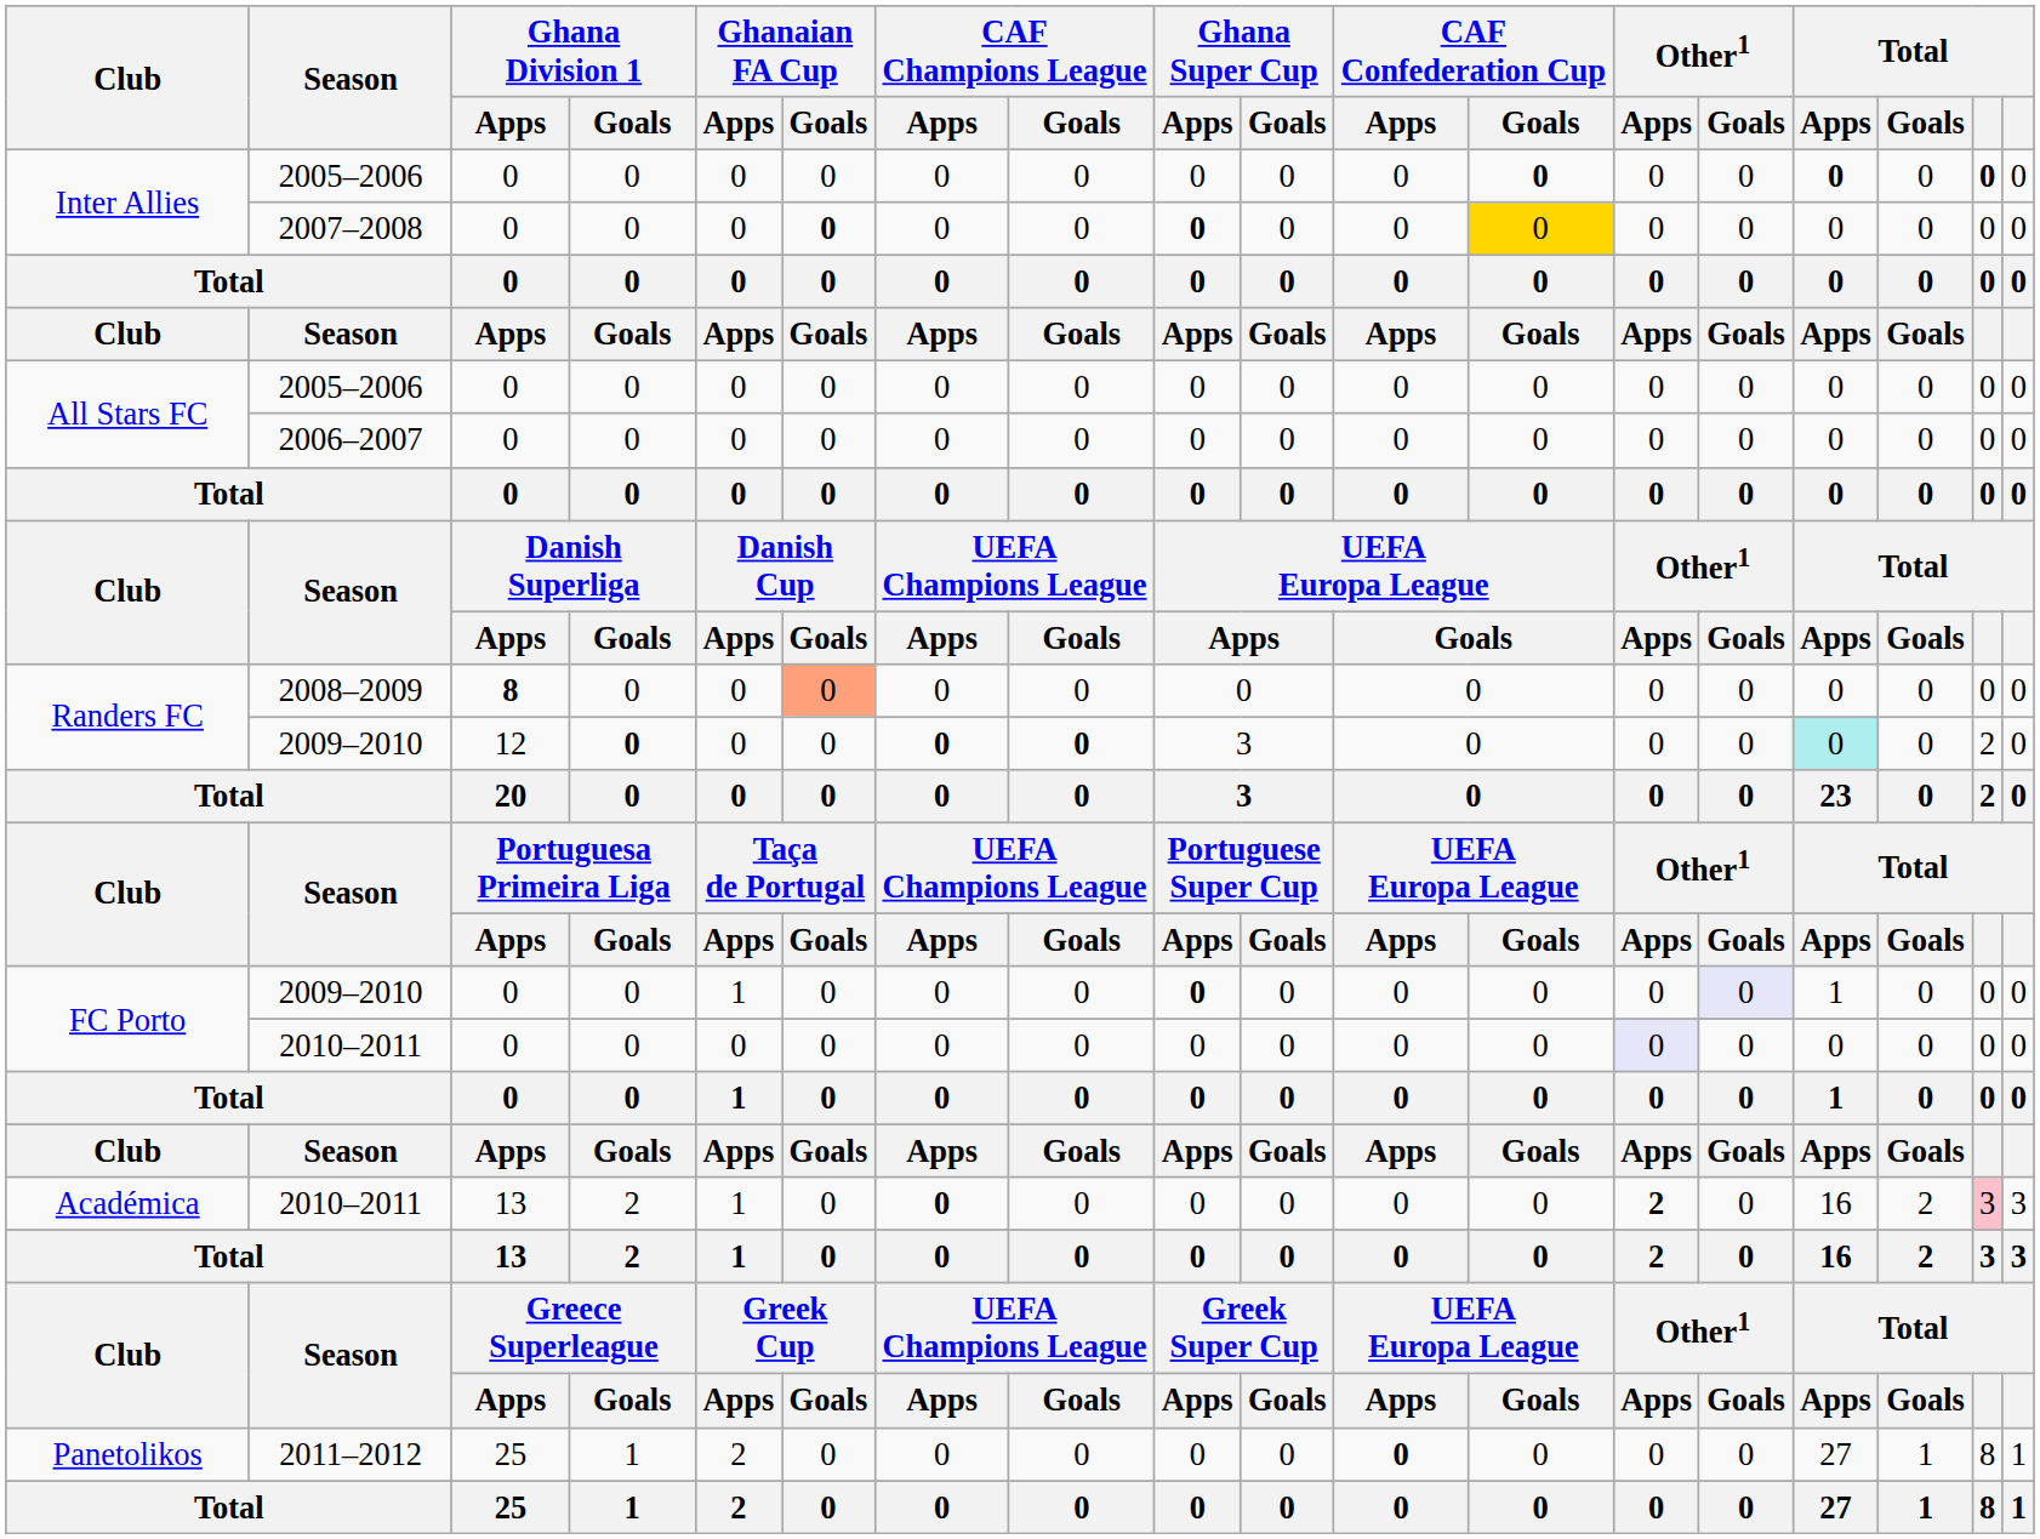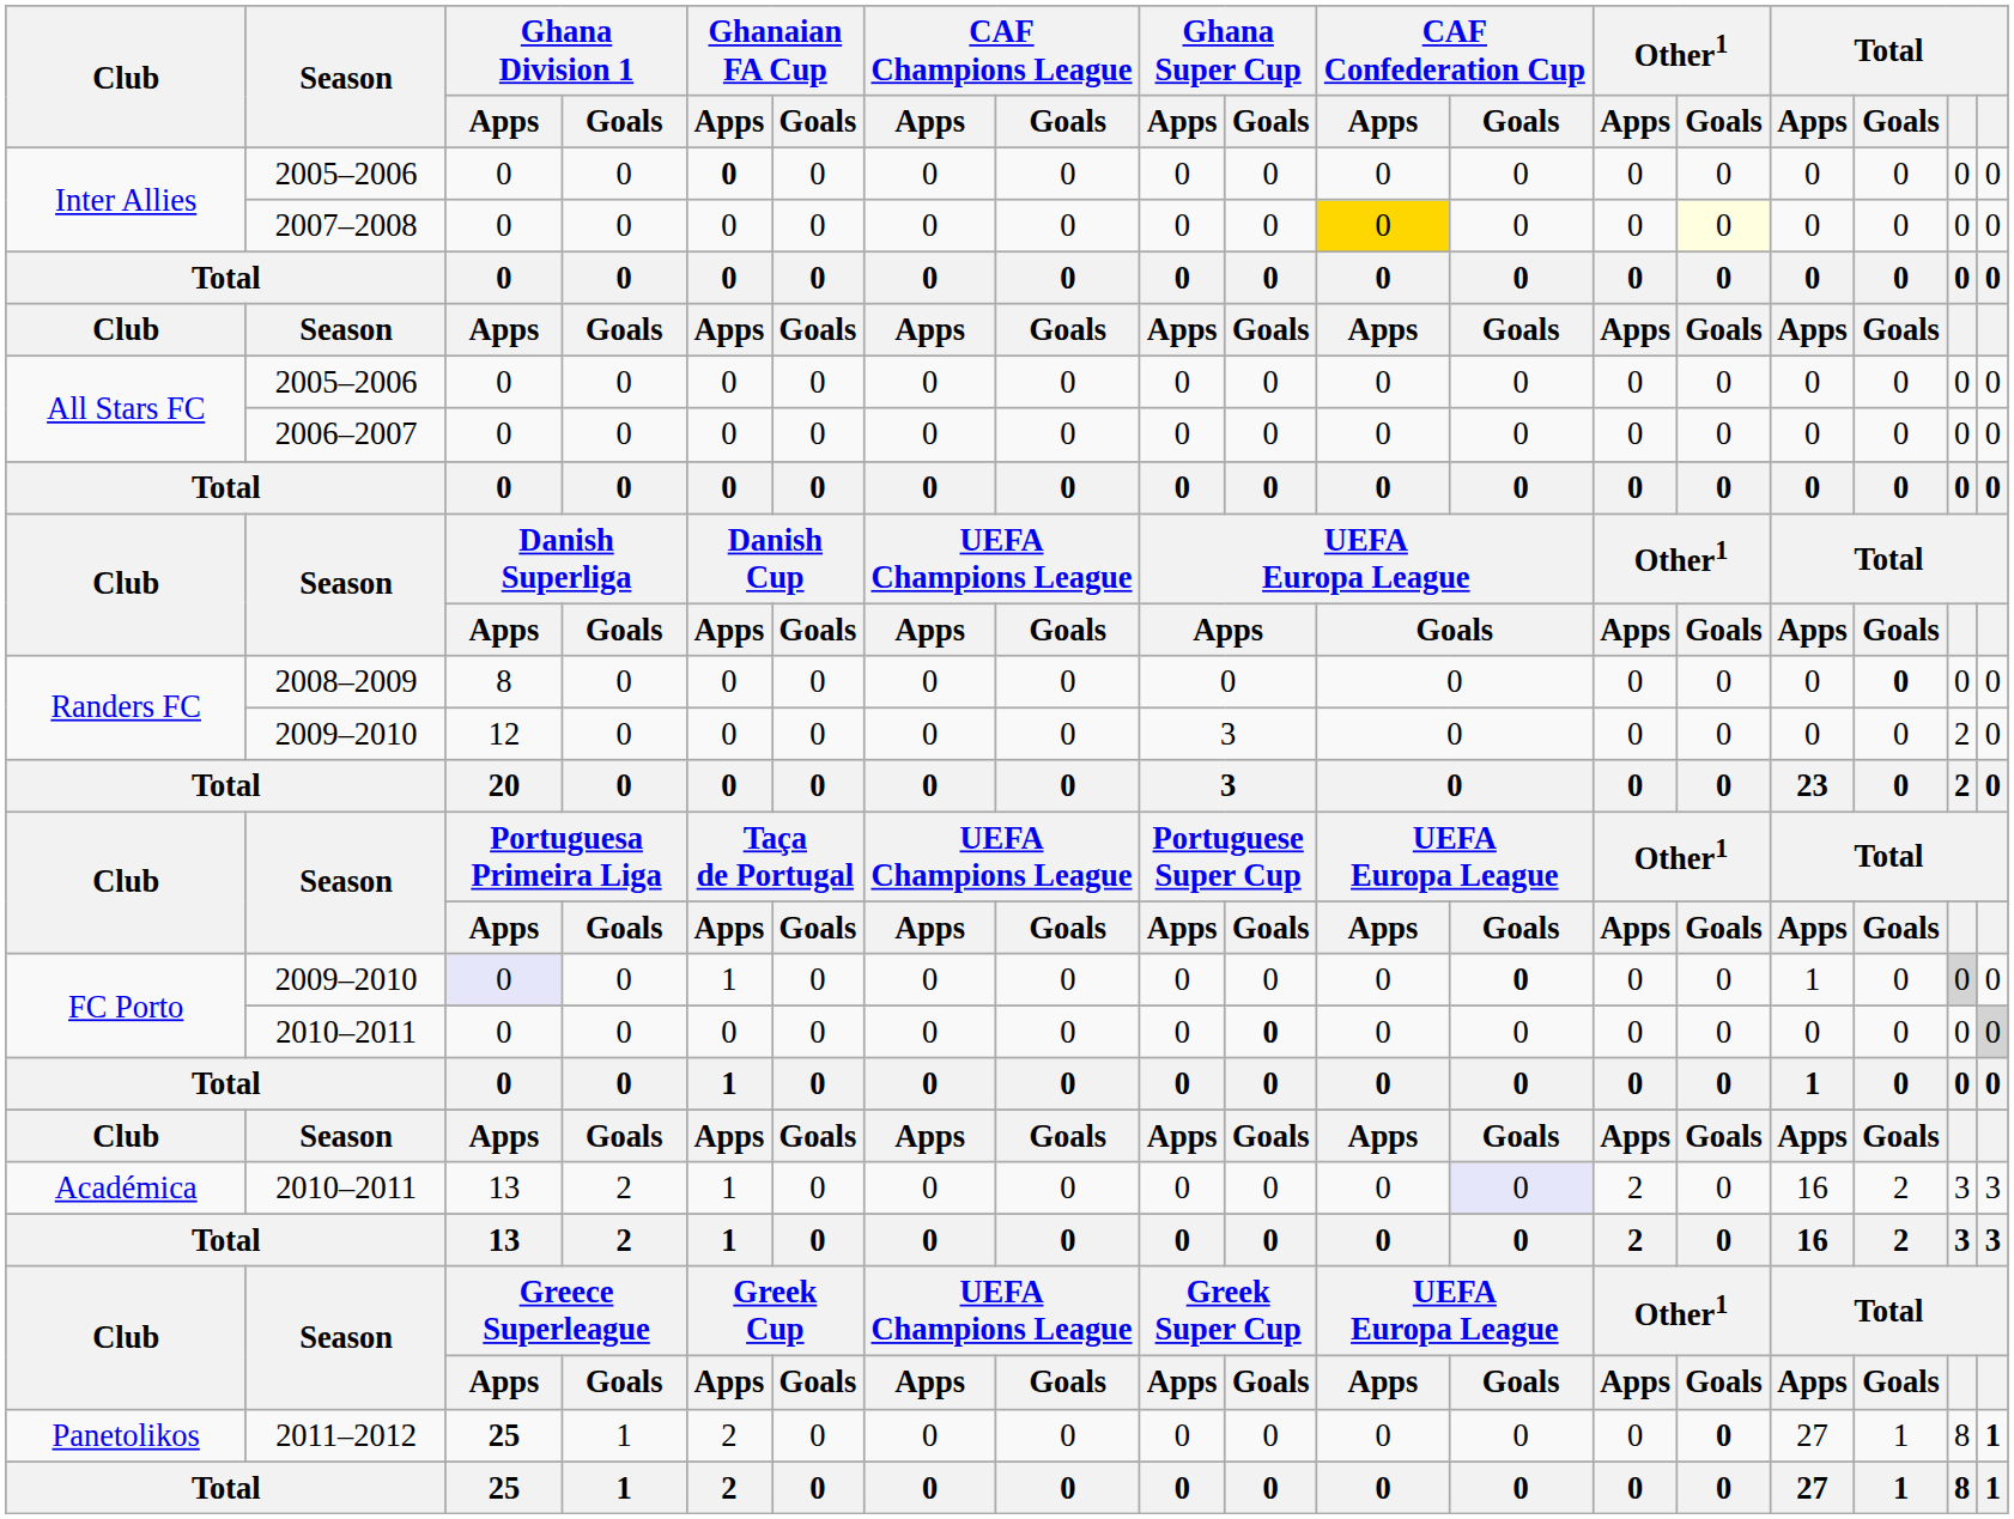 <table class="wikitable" style="font-size:95%; text-align: center;">
 <tr>
 <th rowspan="2" width=12%>Club</th>
 <th rowspan="2" width=10%>Season</th>
 <th colspan="2" width=12%><a href='#'>Ghana<br>Division 1</a></th>
 <th colspan="2"><a href='#'>Ghanaian<br> FA Cup</a></th>
 <th colspan="2"><a href='#'>CAF<br> Champions League</a></th>
 <th colspan="2"><a href='#'>Ghana<br> Super Cup</a></th>
 <th colspan="2"><a href='#'>CAF<br> Confederation Cup</a></th>
 <th colspan="2">Other<sup><span>1</span></sup></th>
 <th colspan="4">Total</th>
 </tr>
 <tr>
 <th>Apps</th>
 <th>Goals</th>
 <th>Apps</th>
 <th>Goals</th>
 <th>Apps</th>
 <th>Goals</th>
 <th>Apps</th>
 <th>Goals</th>
 <th>Apps</th>
 <th>Goals</th>
 <th>Apps</th>
 <th>Goals</th>
 <th>Apps</th>
 <th>Goals</th>
 <th></th>
 <th></th>
 </tr>
 <tr>
 <td rowspan="2" valign="center"> <a href='#'>Inter Allies</a></td>
 <td>2005–2006</td>
 <td>0</td>
 <td>0</td>
+<td><strong>0</strong></td>
 <td>0</td>
 <td>0</td>
 <td>0</td>
 <td>0</td>
 <td>0</td>
 <td>0</td>
 <td>0</td>
-<td><strong>0</strong></td>
 <td>0</td>
 <td>0</td>
-<td><strong>0</strong></td>
 <td>0</td>
-<td><strong>0</strong></td>
+<td>0</td>
+<td>0</td>
 <td>0</td>
 </tr>
 <tr>
 <td>2007–2008</td>
 <td>0</td>
 <td>0</td>
 <td>0</td>
-<td><strong>0</strong></td>
 <td>0</td>
 <td>0</td>
-<td><strong>0</strong></td>
+<td>0</td>
 <td>0</td>
 <td>0</td>
 <td style="background: gold;">0</td>
 <td>0</td>
 <td>0</td>
+<td style="background: lightyellow;">0</td>
 <td>0</td>
 <td>0</td>
 <td>0</td>
 <td>0</td>
 </tr>
 <tr>
 <th colspan="2">Total</th>
 <th>0</th>
 <th>0</th>
 <th>0</th>
 <th>0</th>
 <th>0</th>
 <th>0</th>
 <th>0</th>
 <th>0</th>
 <th>0</th>
 <th>0</th>
 <th>0</th>
 <th>0</th>
 <th>0</th>
 <th>0</th>
 <th>0</th>
 <th>0</th>
 </tr>
 <tr>
 <th rowspan="1">Club</th>
 <th rowspan="1">Season</th>
 <th colspan="1">Apps</th>
 <th colspan="1">Goals</th>
 <th colspan="1">Apps</th>
 <th colspan="1">Goals</th>
 <th colspan="1">Apps</th>
 <th colspan="1">Goals</th>
 <th colspan="1">Apps</th>
 <th colspan="1">Goals</th>
 <th colspan="1">Apps</th>
 <th colspan="1">Goals</th>
 <th colspan="1">Apps</th>
 <th colspan="1">Goals</th>
 <th colspan="1">Apps</th>
 <th colspan="1">Goals</th>
 <th colspan="1"></th>
 <th></th>
 </tr>
 <tr>
 <td rowspan="2" valign="center"> <a href='#'>All Stars FC</a></td>
 <td>2005–2006</td>
 <td>0</td>
 <td>0</td>
 <td>0</td>
 <td>0</td>
 <td>0</td>
 <td>0</td>
 <td>0</td>
 <td>0</td>
 <td>0</td>
 <td>0</td>
 <td>0</td>
 <td>0</td>
 <td>0</td>
 <td>0</td>
 <td>0</td>
 <td>0</td>
 </tr>
 <tr>
 <td>2006–2007</td>
 <td>0</td>
 <td>0</td>
 <td>0</td>
 <td>0</td>
 <td>0</td>
 <td>0</td>
 <td>0</td>
 <td>0</td>
 <td>0</td>
 <td>0</td>
 <td>0</td>
 <td>0</td>
 <td>0</td>
 <td>0</td>
 <td>0</td>
 <td>0</td>
 </tr>
 <tr>
 <th colspan="2">Total</th>
 <th>0</th>
 <th>0</th>
 <th>0</th>
 <th>0</th>
 <th>0</th>
 <th>0</th>
 <th>0</th>
 <th>0</th>
 <th>0</th>
 <th>0</th>
 <th>0</th>
 <th>0</th>
 <th>0</th>
 <th>0</th>
 <th>0</th>
 <th>0</th>
 </tr>
 <tr>
 <th rowspan="2">Club</th>
 <th rowspan="2">Season</th>
 <th colspan="2"><a href='#'>Danish<br> Superliga</a></th>
 <th colspan="2"><a href='#'>Danish<br> Cup</a></th>
 <th colspan="2"><a href='#'>UEFA<br> Champions League</a></th>
 <th colspan="4"><a href='#'>UEFA<br> Europa League</a></th>
 <th colspan="2">Other<sup><span>1</span></sup></th>
 <th colspan="4">Total</th>
 </tr>
 <tr>
 <th colspan="1">Apps</th>
 <th colspan="1">Goals</th>
 <th colspan="1">Apps</th>
 <th colspan="1">Goals</th>
 <th colspan="1">Apps</th>
 <th colspan="1">Goals</th>
 <th colspan="2">Apps</th>
 <th colspan="2">Goals</th>
 <th colspan="1">Apps</th>
 <th colspan="1">Goals</th>
 <th colspan="1">Apps</th>
 <th colspan="1">Goals</th>
 <th colspan="1"></th>
 <th></th>
 </tr>
 <tr>
 <td rowspan="2" valign="center"> <a href='#'>Randers FC</a></td>
 <td>2008–2009</td>
-<td><strong>8</strong></td>
+<td>8</td>
 <td>0</td>
 <td>0</td>
-<td style="background: lightsalmon;">0</td>
+<td>0</td>
 <td>0</td>
 <td>0</td>
 <td colspan="2">0</td>
 <td colspan="2">0</td>
 <td>0</td>
 <td>0</td>
 <td>0</td>
-<td>0</td>
+<td><strong>0</strong></td>
 <td>0</td>
 <td>0</td>
 </tr>
 <tr>
 <td>2009–2010</td>
 <td>12</td>
-<td><strong>0</strong></td>
 <td>0</td>
 <td>0</td>
-<td><strong>0</strong></td>
-<td><strong>0</strong></td>
+<td>0</td>
+<td>0</td>
+<td>0</td>
 <td colspan="2">3</td>
 <td colspan="2">0</td>
 <td>0</td>
 <td>0</td>
-<td style="background: paleturquoise;">0</td>
+<td>0</td>
 <td>0</td>
 <td>2</td>
 <td>0</td>
 </tr>
 <tr>
 <th colspan="2">Total</th>
 <th colspan="1">20</th>
 <th colspan="1">0</th>
 <th colspan="1">0</th>
 <th colspan="1">0</th>
 <th colspan="1">0</th>
 <th colspan="1">0</th>
 <th colspan="2">3</th>
 <th colspan="2">0</th>
 <th colspan="1">0</th>
 <th colspan="1">0</th>
 <th colspan="1">23</th>
 <th colspan="1">0</th>
 <th colspan="1">2</th>
 <th colspan="1">0</th>
 </tr>
 <tr>
 <th rowspan="2">Club</th>
 <th rowspan="2">Season</th>
 <th colspan="2"><a href='#'>Portuguesa<br>Primeira Liga</a></th>
 <th colspan="2"><a href='#'>Taça<br>de Portugal</a></th>
 <th colspan="2"><a href='#'>UEFA<br> Champions League</a></th>
 <th colspan="2"><a href='#'>Portuguese<br> Super Cup</a></th>
 <th colspan="2"><a href='#'>UEFA<br> Europa League</a></th>
 <th colspan="2">Other<sup><span>1</span></sup></th>
 <th colspan="4">Total</th>
 </tr>
 <tr>
 <th>Apps</th>
 <th>Goals</th>
 <th>Apps</th>
 <th>Goals</th>
 <th>Apps</th>
 <th>Goals</th>
 <th>Apps</th>
 <th>Goals</th>
 <th>Apps</th>
 <th>Goals</th>
 <th>Apps</th>
 <th>Goals</th>
 <th>Apps</th>
 <th>Goals</th>
 <th></th>
 <th></th>
 </tr>
 <tr>
 <td rowspan="2" valign="center"> <a href='#'>FC Porto</a></td>
 <td>2009–2010</td>
+<td style="background: lavender;">0</td>
+<td>0</td>
+<td>1</td>
 <td>0</td>
 <td>0</td>
-<td>1</td>
+<td>0</td>
 <td>0</td>
 <td>0</td>
 <td>0</td>
 <td><strong>0</strong></td>
 <td>0</td>
 <td>0</td>
-<td>0</td>
-<td>0</td>
-<td style="background: lavender;">0</td>
 <td>1</td>
 <td>0</td>
-<td>0</td>
+<td style="background: lightgrey;">0</td>
 <td>0</td>
 </tr>
 <tr>
 <td>2010–2011</td>
 <td>0</td>
 <td>0</td>
 <td>0</td>
 <td>0</td>
 <td>0</td>
 <td>0</td>
 <td>0</td>
-<td>0</td>
-<td>0</td>
-<td>0</td>
-<td style="background: lavender;">0</td>
+<td><strong>0</strong></td>
 <td>0</td>
 <td>0</td>
 <td>0</td>
 <td>0</td>
 <td>0</td>
+<td>0</td>
+<td>0</td>
+<td style="background: lightgrey;">0</td>
 </tr>
 <tr>
 <th colspan="2">Total</th>
 <th>0</th>
 <th>0</th>
 <th>1</th>
 <th>0</th>
 <th>0</th>
 <th>0</th>
 <th>0</th>
 <th>0</th>
 <th>0</th>
 <th>0</th>
 <th>0</th>
 <th>0</th>
 <th>1</th>
 <th>0</th>
 <th>0</th>
 <th>0</th>
 </tr>
 <tr>
 <th rowspan="1">Club</th>
 <th rowspan="1">Season</th>
 <th colspan="1">Apps</th>
 <th colspan="1">Goals</th>
 <th colspan="1">Apps</th>
 <th colspan="1">Goals</th>
 <th colspan="1">Apps</th>
 <th colspan="1">Goals</th>
 <th colspan="1">Apps</th>
 <th colspan="1">Goals</th>
 <th colspan="1">Apps</th>
 <th colspan="1">Goals</th>
 <th colspan="1">Apps</th>
 <th colspan="1">Goals</th>
 <th colspan="1">Apps</th>
 <th colspan="1">Goals</th>
 <th colspan="1"></th>
 <th></th>
 </tr>
 <tr>
 <td rowspan="1" valign="center"> <a href='#'>Académica</a></td>
 <td>2010–2011</td>
 <td>13</td>
 <td>2</td>
 <td>1</td>
 <td>0</td>
-<td><strong>0</strong></td>
 <td>0</td>
 <td>0</td>
 <td>0</td>
 <td>0</td>
 <td>0</td>
-<td><strong>2</strong></td>
+<td style="background: lavender;">0</td>
+<td>2</td>
 <td>0</td>
 <td>16</td>
 <td>2</td>
-<td style="background: pink;">3</td>
+<td>3</td>
 <td>3</td>
 </tr>
 <tr>
 <th colspan="2">Total</th>
 <th>13</th>
 <th>2</th>
 <th>1</th>
 <th>0</th>
 <th>0</th>
 <th>0</th>
 <th>0</th>
 <th>0</th>
 <th>0</th>
 <th>0</th>
 <th>2</th>
 <th>0</th>
 <th>16</th>
 <th>2</th>
 <th>3</th>
 <th>3</th>
 </tr>
 <tr>
 <th rowspan="2">Club</th>
 <th rowspan="2">Season</th>
 <th colspan="2"><a href='#'>Greece<br>Superleague</a></th>
 <th colspan="2"><a href='#'>Greek<br> Cup</a></th>
 <th colspan="2"><a href='#'>UEFA<br> Champions League</a></th>
 <th colspan="2"><a href='#'>Greek<br> Super Cup</a></th>
 <th colspan="2"><a href='#'>UEFA<br> Europa League</a></th>
 <th colspan="2">Other<sup><span>1</span></sup></th>
 <th colspan="4">Total</th>
 </tr>
 <tr>
 <th>Apps</th>
 <th>Goals</th>
 <th>Apps</th>
 <th>Goals</th>
 <th>Apps</th>
 <th>Goals</th>
 <th>Apps</th>
 <th>Goals</th>
 <th>Apps</th>
 <th>Goals</th>
 <th>Apps</th>
 <th>Goals</th>
 <th>Apps</th>
 <th>Goals</th>
 <th></th>
 <th></th>
 </tr>
 <tr>
 <td rowspan="1" valign="center"> <a href='#'>Panetolikos</a></td>
 <td>2011–2012</td>
-<td>25</td>
+<td><strong>25</strong></td>
 <td>1</td>
 <td>2</td>
 <td>0</td>
 <td>0</td>
 <td>0</td>
 <td>0</td>
 <td>0</td>
-<td><strong>0</strong></td>
 <td>0</td>
 <td>0</td>
 <td>0</td>
+<td><strong>0</strong></td>
 <td>27</td>
 <td>1</td>
 <td>8</td>
-<td>1</td>
+<td><strong>1</strong></td>
 </tr>
 <tr>
 <th colspan="2">Total</th>
 <th>25</th>
 <th>1</th>
 <th>2</th>
 <th>0</th>
 <th>0</th>
 <th>0</th>
 <th>0</th>
 <th>0</th>
 <th>0</th>
 <th>0</th>
 <th>0</th>
 <th>0</th>
 <th>27</th>
 <th>1</th>
 <th>8</th>
 <th>1</th>
 </tr>
 <tr>
 </tr>
 </table>
